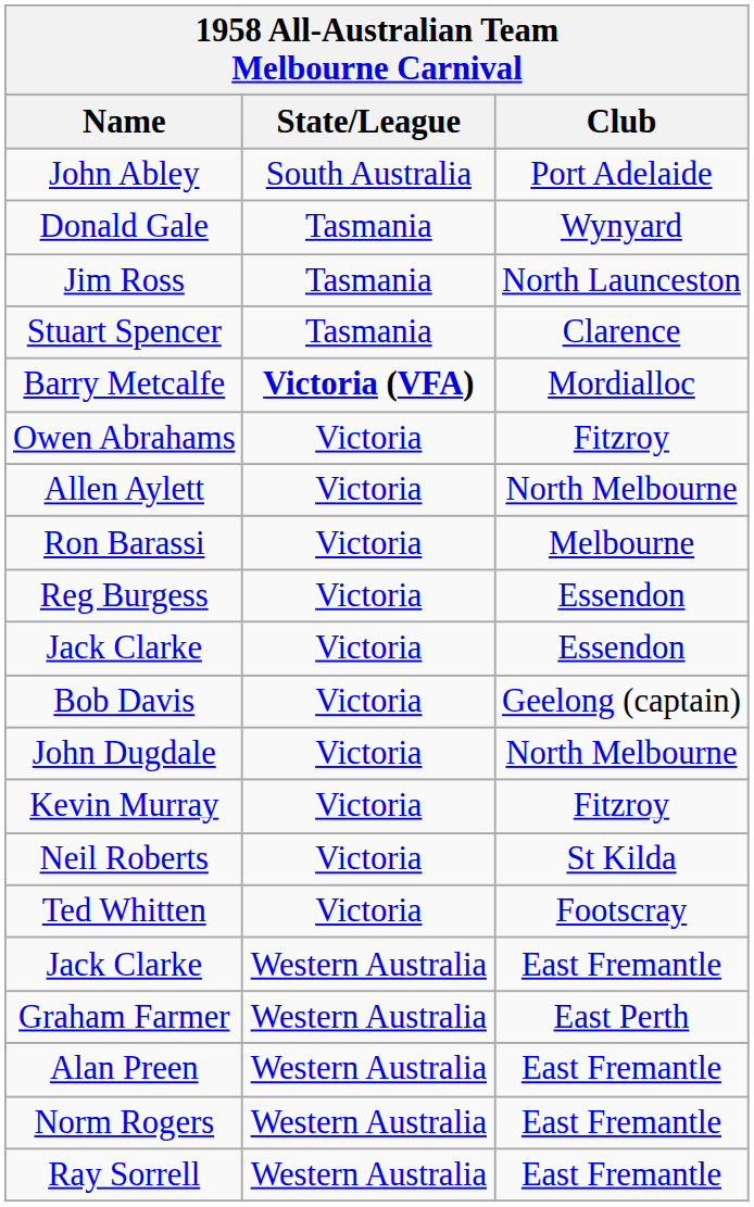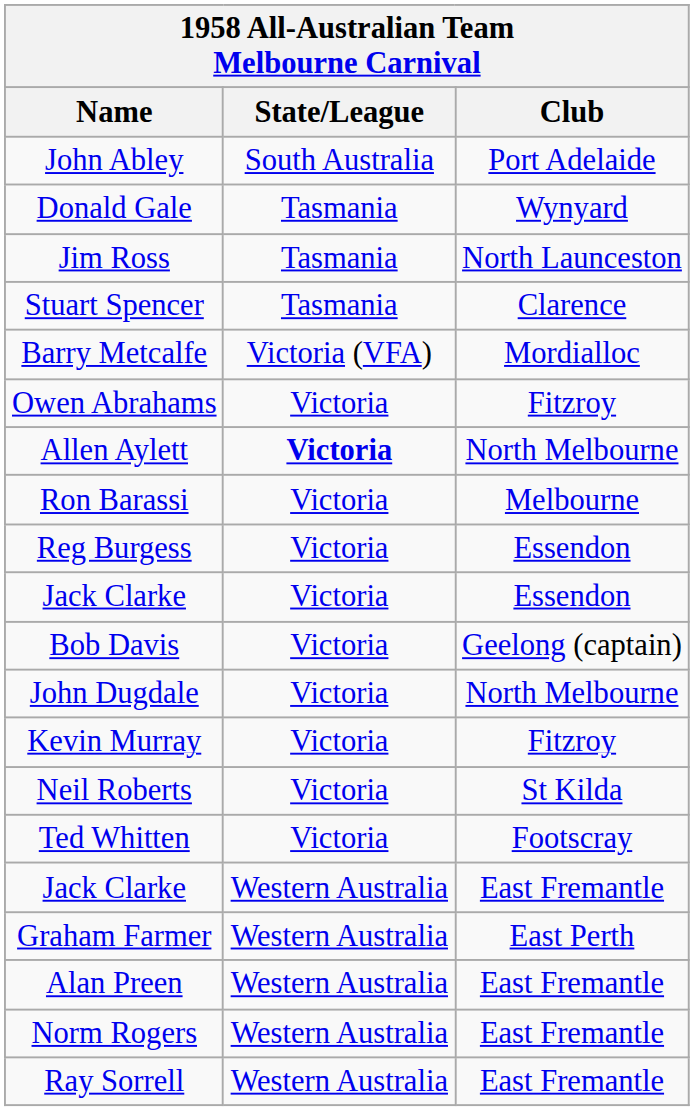 <table class="wikitable" style="text-align: center">
 <tr>
 <th colspan="10">1958 All-Australian Team<br><a href='#'>Melbourne Carnival</a></th>
 </tr>
 <tr>
 <th>Name</th>
 <th>State/League</th>
 <th>Club</th>
 </tr>
 <tr>
 <td><a href='#'>John Abley</a></td>
 <td><a href='#'>South Australia</a></td>
 <td><a href='#'>Port Adelaide</a></td>
 </tr>
 <tr>
 <td><a href='#'>Donald Gale</a></td>
 <td><a href='#'>Tasmania</a></td>
 <td><a href='#'>Wynyard</a></td>
 </tr>
 <tr>
 <td><a href='#'>Jim Ross</a></td>
 <td><a href='#'>Tasmania</a></td>
 <td><a href='#'>North Launceston</a></td>
 </tr>
 <tr>
 <td><a href='#'>Stuart Spencer</a></td>
 <td><a href='#'>Tasmania</a></td>
 <td><a href='#'>Clarence</a></td>
 </tr>
 <tr>
 <td><a href='#'>Barry Metcalfe</a></td>
-<td><strong><a href='#'>Victoria</a> (<a href='#'>VFA</a>)</strong></td>
+<td><a href='#'>Victoria</a> (<a href='#'>VFA</a>)</td>
 <td><a href='#'>Mordialloc</a></td>
 </tr>
 <tr>
 <td><a href='#'>Owen Abrahams</a></td>
 <td><a href='#'>Victoria</a></td>
 <td><a href='#'>Fitzroy</a></td>
 </tr>
 <tr>
 <td><a href='#'>Allen Aylett</a></td>
-<td><a href='#'>Victoria</a></td>
+<td><strong><a href='#'>Victoria</a></strong></td>
 <td><a href='#'>North Melbourne</a></td>
 </tr>
 <tr>
 <td><a href='#'>Ron Barassi</a></td>
 <td><a href='#'>Victoria</a></td>
 <td><a href='#'>Melbourne</a></td>
 </tr>
 <tr>
 <td><a href='#'>Reg Burgess</a></td>
 <td><a href='#'>Victoria</a></td>
 <td><a href='#'>Essendon</a></td>
 </tr>
 <tr>
 <td><a href='#'>Jack Clarke</a></td>
 <td><a href='#'>Victoria</a></td>
 <td><a href='#'>Essendon</a></td>
 </tr>
 <tr>
 <td><a href='#'>Bob Davis</a></td>
 <td><a href='#'>Victoria</a></td>
 <td><a href='#'>Geelong</a> (captain)</td>
 </tr>
 <tr>
 <td><a href='#'>John Dugdale</a></td>
 <td><a href='#'>Victoria</a></td>
 <td><a href='#'>North Melbourne</a></td>
 </tr>
 <tr>
 <td><a href='#'>Kevin Murray</a></td>
 <td><a href='#'>Victoria</a></td>
 <td><a href='#'>Fitzroy</a></td>
 </tr>
 <tr>
 <td><a href='#'>Neil Roberts</a></td>
 <td><a href='#'>Victoria</a></td>
 <td><a href='#'>St Kilda</a></td>
 </tr>
 <tr>
 <td><a href='#'>Ted Whitten</a></td>
 <td><a href='#'>Victoria</a></td>
 <td><a href='#'>Footscray</a></td>
 </tr>
 <tr>
 <td><a href='#'>Jack Clarke</a></td>
 <td><a href='#'>Western Australia</a></td>
 <td><a href='#'>East Fremantle</a></td>
 </tr>
 <tr>
 <td><a href='#'>Graham Farmer</a></td>
 <td><a href='#'>Western Australia</a></td>
 <td><a href='#'>East Perth</a></td>
 </tr>
 <tr>
 <td><a href='#'>Alan Preen</a></td>
 <td><a href='#'>Western Australia</a></td>
 <td><a href='#'>East Fremantle</a></td>
 </tr>
 <tr>
 <td><a href='#'>Norm Rogers</a></td>
 <td><a href='#'>Western Australia</a></td>
 <td><a href='#'>East Fremantle</a></td>
 </tr>
 <tr>
 <td><a href='#'>Ray Sorrell</a></td>
 <td><a href='#'>Western Australia</a></td>
 <td><a href='#'>East Fremantle</a></td>
 </tr>
 </table>
